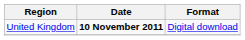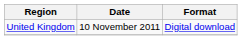 <table class=wikitable>
 <tr>
 <th>Region</th>
 <th>Date</th>
 <th>Format</th>
 </tr>
 <tr>
 <td><a href='#'>United Kingdom</a></td>
-<td><strong>10 November 2011</strong></td>
+<td>10 November 2011</td>
 <td><a href='#'>Digital download</a></td>
 </tr>
 <tr>
 </tr>
 </table>
